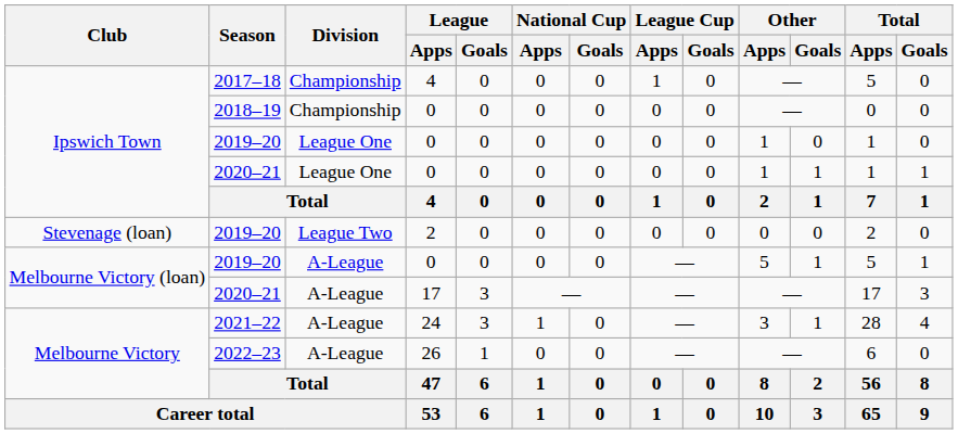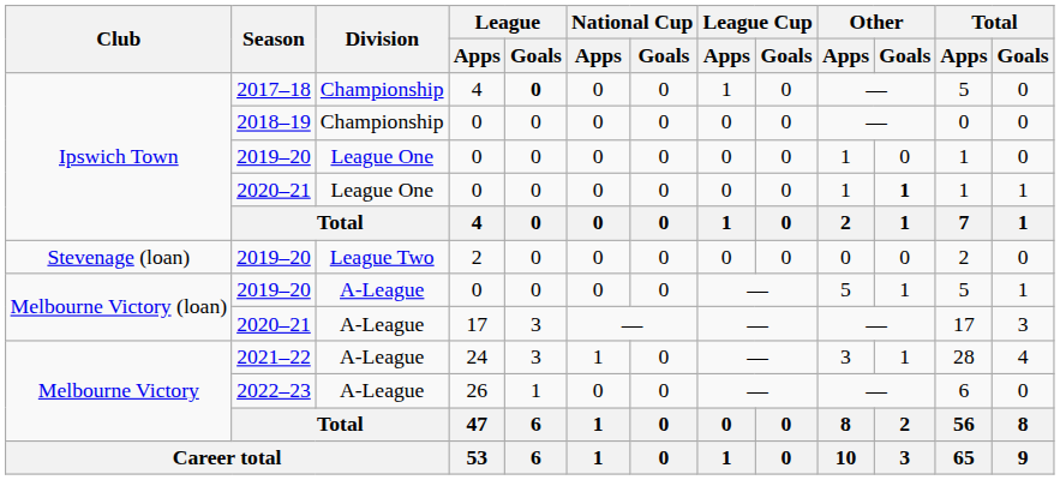 <table class="wikitable" style="text-align:center;">
 <tr>
 <th rowspan="2">Club</th>
 <th rowspan="2">Season</th>
 <th rowspan="2">Division</th>
 <th colspan="2">League</th>
 <th colspan="2">National Cup</th>
 <th colspan="2">League Cup</th>
 <th colspan="2">Other</th>
 <th colspan="2">Total</th>
 </tr>
 <tr>
 <th>Apps</th>
 <th>Goals</th>
 <th>Apps</th>
 <th>Goals</th>
 <th>Apps</th>
 <th>Goals</th>
 <th>Apps</th>
 <th>Goals</th>
 <th>Apps</th>
 <th>Goals</th>
 </tr>
 <tr>
 <td rowspan="5"><a href='#'>Ipswich Town</a></td>
 <td><a href='#'>2017–18</a></td>
 <td><a href='#'>Championship</a></td>
 <td>4</td>
-<td>0</td>
+<td><strong>0</strong></td>
 <td>0</td>
 <td>0</td>
 <td>1</td>
 <td>0</td>
 <td colspan="2">—</td>
 <td>5</td>
 <td>0</td>
 </tr>
 <tr>
 <td><a href='#'>2018–19</a></td>
 <td>Championship</td>
 <td>0</td>
 <td>0</td>
 <td>0</td>
 <td>0</td>
 <td>0</td>
 <td>0</td>
 <td colspan="2">—</td>
 <td>0</td>
 <td>0</td>
 </tr>
 <tr>
 <td><a href='#'>2019–20</a></td>
 <td><a href='#'>League One</a></td>
 <td>0</td>
 <td>0</td>
 <td>0</td>
 <td>0</td>
 <td>0</td>
 <td>0</td>
 <td>1</td>
 <td>0</td>
 <td>1</td>
 <td>0</td>
 </tr>
 <tr>
 <td><a href='#'>2020–21</a></td>
 <td>League One</td>
 <td>0</td>
 <td>0</td>
 <td>0</td>
 <td>0</td>
 <td>0</td>
 <td>0</td>
 <td>1</td>
-<td>1</td>
+<td><strong>1</strong></td>
 <td>1</td>
 <td>1</td>
 </tr>
 <tr>
 <th colspan=2>Total</th>
 <th>4</th>
 <th>0</th>
 <th>0</th>
 <th>0</th>
 <th>1</th>
 <th>0</th>
 <th>2</th>
 <th>1</th>
 <th>7</th>
 <th>1</th>
 </tr>
 <tr>
 <td><a href='#'>Stevenage</a> (loan)</td>
 <td><a href='#'>2019–20</a></td>
 <td><a href='#'>League Two</a></td>
 <td>2</td>
 <td>0</td>
 <td>0</td>
 <td>0</td>
 <td>0</td>
 <td>0</td>
 <td>0</td>
 <td>0</td>
 <td>2</td>
 <td>0</td>
 </tr>
 <tr>
 <td rowspan=2><a href='#'>Melbourne Victory</a> (loan)</td>
 <td><a href='#'>2019–20</a></td>
 <td><a href='#'>A-League</a></td>
 <td>0</td>
 <td>0</td>
 <td>0</td>
 <td>0</td>
 <td colspan="2">—</td>
 <td>5</td>
 <td>1</td>
 <td>5</td>
 <td>1</td>
 </tr>
 <tr>
 <td><a href='#'>2020–21</a></td>
 <td>A-League</td>
 <td>17</td>
 <td>3</td>
 <td colspan="2">—</td>
 <td colspan="2">—</td>
 <td colspan="2">—</td>
 <td>17</td>
 <td>3</td>
 </tr>
 <tr>
 <td rowspan=3><a href='#'>Melbourne Victory</a></td>
 <td><a href='#'>2021–22</a></td>
 <td>A-League</td>
 <td>24</td>
 <td>3</td>
 <td>1</td>
 <td>0</td>
 <td colspan="2">—</td>
 <td>3</td>
 <td>1</td>
 <td>28</td>
 <td>4</td>
 </tr>
 <tr>
 <td><a href='#'>2022–23</a></td>
 <td>A-League</td>
 <td>26</td>
 <td>1</td>
 <td>0</td>
 <td>0</td>
 <td colspan="2">—</td>
 <td colspan="2">—</td>
 <td>6</td>
 <td>0</td>
 </tr>
 <tr>
 <th colspan=2>Total</th>
 <th>47</th>
 <th>6</th>
 <th>1</th>
 <th>0</th>
 <th>0</th>
 <th>0</th>
 <th>8</th>
 <th>2</th>
 <th>56</th>
 <th>8</th>
 </tr>
 <tr>
 <th colspan=3>Career total</th>
 <th>53</th>
 <th>6</th>
 <th>1</th>
 <th>0</th>
 <th>1</th>
 <th>0</th>
 <th>10</th>
 <th>3</th>
 <th>65</th>
 <th>9</th>
 </tr>
 </table>
